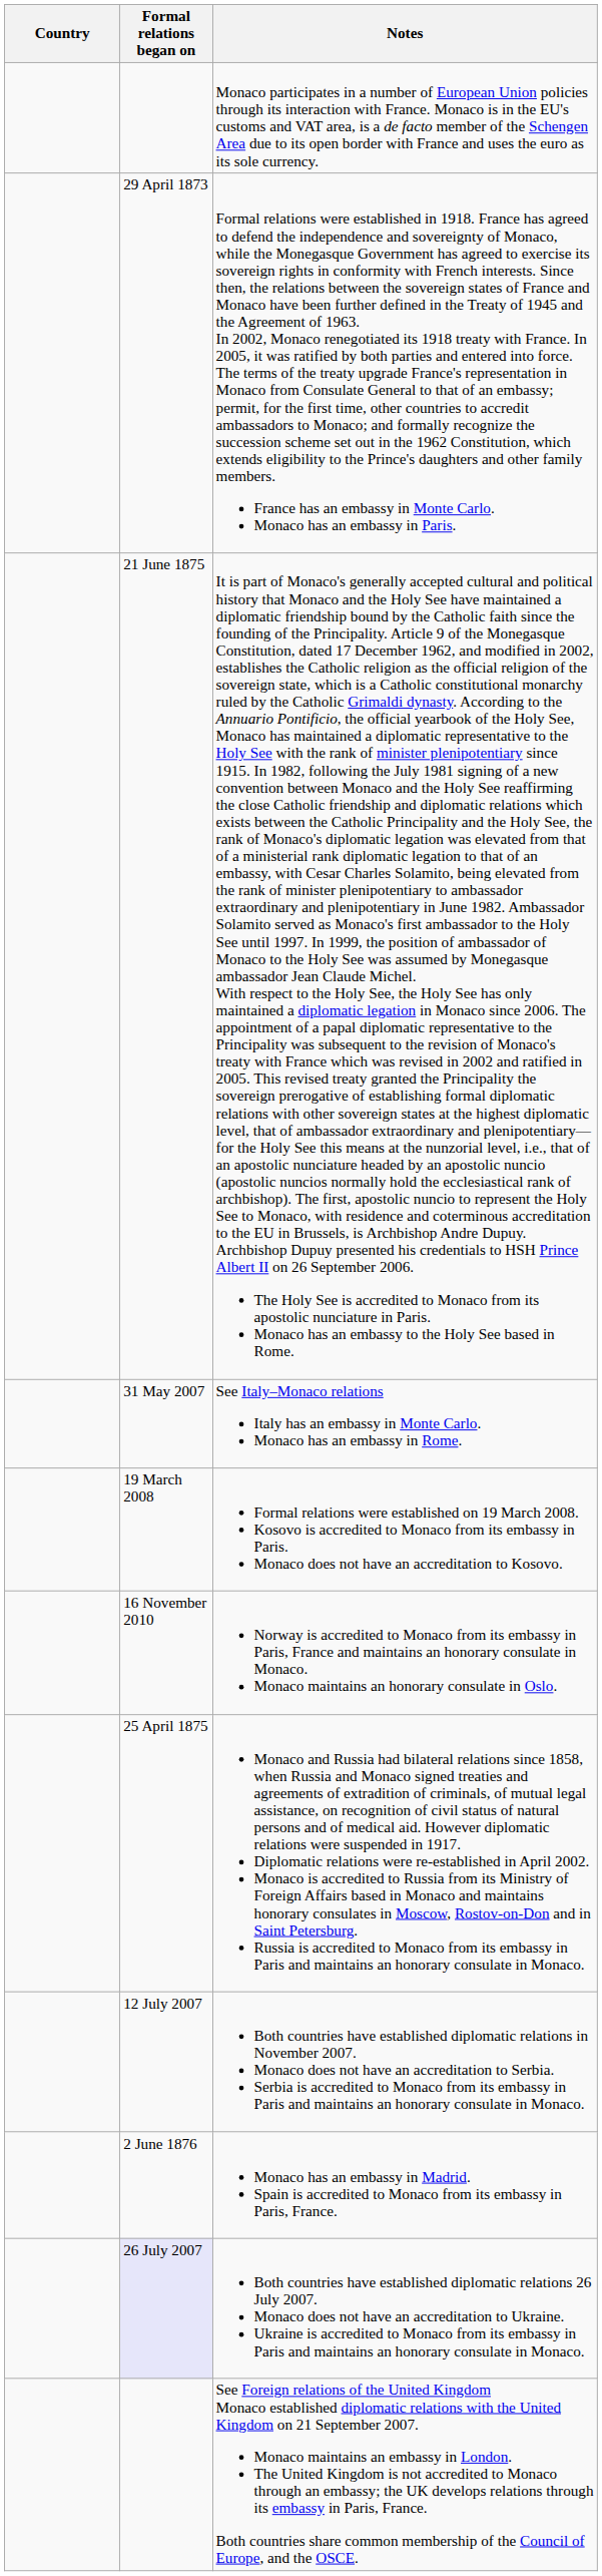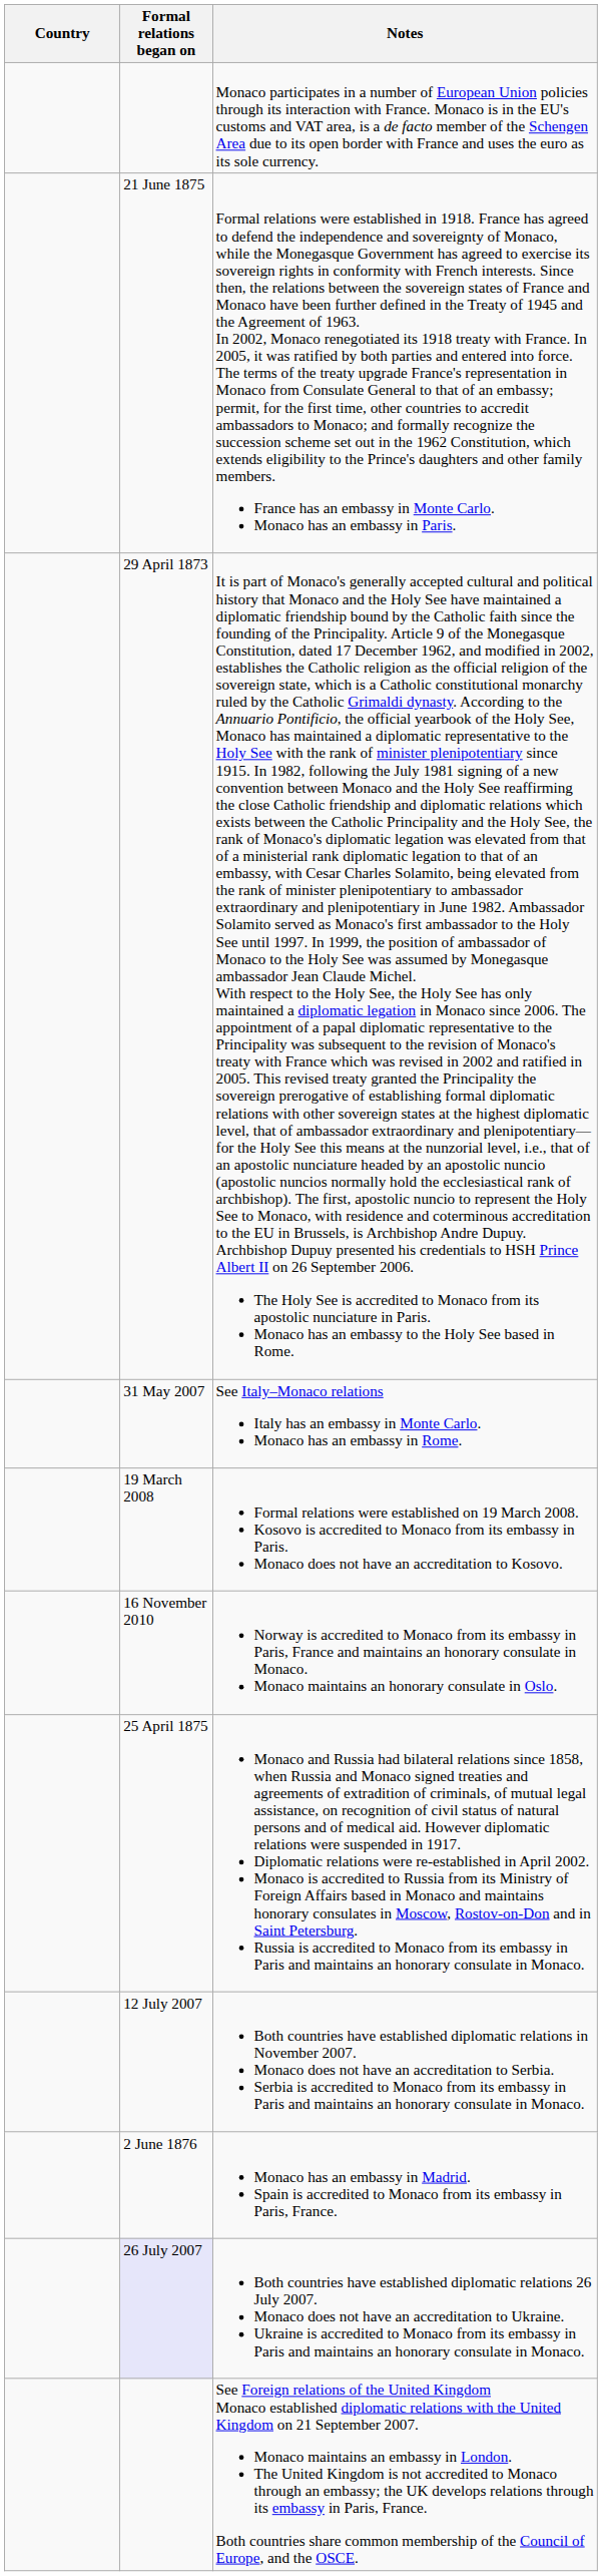 <table class="wikitable sortable" style="width:100%; margin:auto;">
 <tr>
 <th style="width:15%;">Country</th>
 <th style="width:12%;">Formal relations began on</th>
 <th style="width:50%;">Notes</th>
 </tr>
 <tr valign="top">
 <td></td>
 <td></td>
 <td><br> Monaco participates in a number of <a href='#'>European Union</a> policies through its interaction with France. Monaco is in the EU's customs and VAT area, is a <em>de facto</em> member of the <a href='#'>Schengen Area</a> due to its open border with France and uses the euro as its sole currency.</td>
 </tr>
 <tr valign="top">
 <td></td>
-<td>29 April 1873</td>
+<td>21 June 1875</td>
 <td><br><br>Formal relations were established in 1918. France has agreed to defend the independence and sovereignty of Monaco, while the Monegasque Government has agreed to exercise its sovereign rights in conformity with French interests. Since then, the relations between the sovereign states of France and Monaco have been further defined in the Treaty of 1945 and the Agreement of 1963.<br>In 2002, Monaco renegotiated its 1918 treaty with France. In 2005, it was ratified by both parties and entered into force. The terms of the treaty upgrade France's representation in Monaco from Consulate General to that of an embassy; permit, for the first time, other countries to accredit ambassadors to Monaco; and formally recognize the succession scheme set out in the 1962 Constitution, which extends eligibility to the Prince's daughters and other family members.<ul><li>France has an embassy in <a href='#'>Monte Carlo</a>.</li><li>Monaco has an embassy in <a href='#'>Paris</a>.</li></ul></td>
 </tr>
 <tr valign="top">
 <td></td>
-<td>21 June 1875</td>
+<td>29 April 1873</td>
 <td><br>It is part of Monaco's generally accepted cultural and political history that Monaco and the Holy See have maintained a diplomatic friendship bound by the Catholic faith since the founding of the Principality. Article 9 of the Monegasque Constitution, dated 17 December 1962, and modified in 2002, establishes the Catholic religion as the official religion of the sovereign state, which is a Catholic constitutional monarchy ruled by the Catholic <a href='#'>Grimaldi dynasty</a>. According to the <em>Annuario Pontificio</em>, the official yearbook of the Holy See, Monaco has maintained a diplomatic representative to the <a href='#'>Holy See</a> with the rank of <a href='#'>minister plenipotentiary</a> since 1915. In 1982, following the July 1981 signing of a new convention between Monaco and the Holy See reaffirming the close Catholic friendship and diplomatic relations which exists between the Catholic Principality and the Holy See, the rank of Monaco's diplomatic legation was elevated from that of a ministerial rank diplomatic legation to that of an embassy, with Cesar Charles Solamito, being elevated from the rank of minister plenipotentiary to ambassador extraordinary and plenipotentiary in June 1982. Ambassador Solamito served as Monaco's first ambassador to the Holy See until 1997. In 1999, the position of ambassador of Monaco to the Holy See was assumed by Monegasque ambassador Jean Claude Michel.<br>With respect to the Holy See, the Holy See has only maintained a <a href='#'>diplomatic legation</a> in Monaco since 2006. The appointment of a papal diplomatic representative to the Principality was subsequent to the revision of Monaco's treaty with France which was revised in 2002 and ratified in 2005. This revised treaty granted the Principality the sovereign prerogative of establishing formal diplomatic relations with other sovereign states at the highest diplomatic level, that of ambassador extraordinary and plenipotentiary—for the Holy See this means at the nunzorial level, i.e., that of an apostolic nunciature headed by an apostolic nuncio (apostolic nuncios normally hold the ecclesiastical rank of archbishop). The first, apostolic nuncio to represent the Holy See to Monaco, with residence and coterminous accreditation to the EU in Brussels, is Archbishop Andre Dupuy. Archbishop Dupuy presented his credentials to HSH <a href='#'>Prince Albert II</a> on 26 September 2006.<ul><li>The Holy See is accredited to Monaco from its apostolic nunciature in Paris.</li><li>Monaco has an embassy to the Holy See based in Rome.</li></ul></td>
 </tr>
 <tr valign="top">
 <td></td>
 <td>31 May 2007</td>
 <td>See <a href='#'>Italy–Monaco relations</a><br><ul><li>Italy has an embassy in <a href='#'>Monte Carlo</a>.</li><li>Monaco has an embassy in <a href='#'>Rome</a>.</li></ul></td>
 </tr>
 <tr valign="top">
 <td></td>
 <td>19 March 2008</td>
 <td><br><ul><li>Formal relations were established on 19 March 2008.</li><li>Kosovo is accredited to Monaco from its embassy in Paris.</li><li>Monaco does not have an accreditation to Kosovo.</li></ul></td>
 </tr>
 <tr valign="top">
 <td></td>
 <td>16 November 2010</td>
 <td><br><ul><li>Norway is accredited to Monaco from its embassy in Paris, France and maintains an honorary consulate in Monaco.</li><li>Monaco maintains an honorary consulate in <a href='#'>Oslo</a>.</li></ul></td>
 </tr>
 <tr valign="top">
 <td></td>
 <td>25 April 1875</td>
 <td><br><ul><li>Monaco and Russia had bilateral relations since 1858, when Russia and Monaco signed treaties and agreements of extradition of criminals, of mutual legal assistance, on recognition of civil status of natural persons and of medical aid. However diplomatic relations were suspended in 1917.</li><li>Diplomatic relations were re-established in April 2002.</li><li>Monaco is accredited to Russia from its Ministry of Foreign Affairs based in Monaco and maintains honorary consulates in <a href='#'>Moscow</a>, <a href='#'>Rostov-on-Don</a> and in <a href='#'>Saint Petersburg</a>.</li><li>Russia is accredited to Monaco from its embassy in Paris and maintains an honorary consulate in Monaco.</li></ul></td>
 </tr>
 <tr valign="top">
 <td></td>
 <td>12 July 2007</td>
 <td><br><ul><li>Both countries have established diplomatic relations in November 2007.</li><li>Monaco does not have an accreditation to Serbia.</li><li>Serbia is accredited to Monaco from its embassy in Paris and maintains an honorary consulate in Monaco.</li></ul></td>
 </tr>
 <tr valign="top">
 <td></td>
 <td>2 June 1876</td>
 <td><br><ul><li>Monaco has an embassy in <a href='#'>Madrid</a>.</li><li>Spain is accredited to Monaco from its embassy in Paris, France.</li></ul></td>
 </tr>
 <tr valign="top">
 <td></td>
 <td style="background: lavender;">26 July 2007</td>
 <td><br><ul><li>Both countries have established diplomatic relations 26 July 2007.</li><li>Monaco does not have an accreditation to Ukraine.</li><li>Ukraine is accredited to Monaco from its embassy in Paris and maintains an honorary consulate in Monaco.</li></ul></td>
 </tr>
 <tr valign="top">
 <td></td>
 <td></td>
 <td>See <a href='#'>Foreign relations of the United Kingdom</a><br>Monaco established <a href='#'>diplomatic relations with the United Kingdom</a> on 21 September 2007.<ul><li>Monaco maintains an embassy in <a href='#'>London</a>.</li><li>The United Kingdom is not accredited to Monaco through an embassy; the UK develops relations through its <a href='#'>embassy</a> in Paris, France.</li></ul>Both countries share common membership of the <a href='#'>Council of Europe</a>, and the <a href='#'>OSCE</a>.</td>
 </tr>
 </table>
